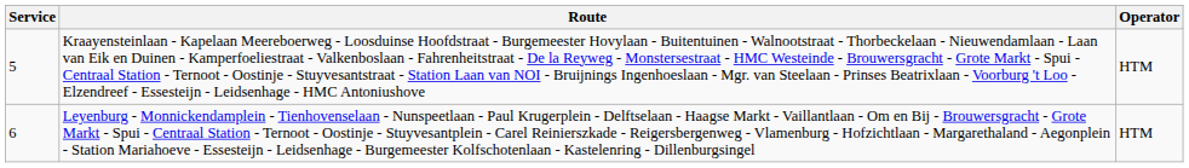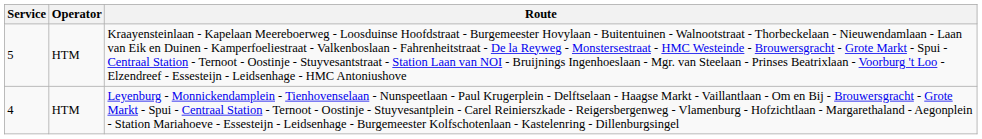 <table class="wikitable vatop">
 <tr>
 <th>Service</th>
+<th>Operator</th>
 <th>Route</th>
-<th>Operator</th>
 </tr>
 <tr>
 <td>5</td>
+<td>HTM</td>
 <td>Kraayensteinlaan - Kapelaan Meereboerweg - Loosduinse Hoofdstraat - Burgemeester Hovylaan - Buitentuinen - Walnootstraat - Thorbeckelaan - Nieuwendamlaan - Laan van Eik en Duinen - Kamperfoeliestraat - Valkenboslaan - Fahrenheitstraat - <a href='#'>De la Reyweg</a> - <a href='#'>Monstersestraat</a> - <a href='#'>HMC Westeinde</a> - <a href='#'>Brouwersgracht</a> - <a href='#'>Grote Markt</a> - Spui - <a href='#'>Centraal Station</a> - Ternoot - Oostinje - Stuyvesantstraat - <a href='#'>Station Laan van NOI</a> - Bruijnings Ingenhoeslaan - Mgr. van Steelaan - Prinses Beatrixlaan - <a href='#'>Voorburg 't Loo</a> - Elzendreef - Essesteijn - Leidsenhage - HMC Antoniushove</td>
-<td>HTM</td>
 </tr>
 <tr>
-<td>6</td>
+<td>4</td>
+<td>HTM</td>
 <td><a href='#'>Leyenburg</a> - <a href='#'>Monnickendamplein</a> - <a href='#'>Tienhovenselaan</a> - Nunspeetlaan - Paul Krugerplein - Delftselaan - Haagse Markt - Vaillantlaan - Om en Bij - <a href='#'>Brouwersgracht</a> - <a href='#'>Grote Markt</a> - Spui - <a href='#'>Centraal Station</a> - Ternoot - Oostinje - Stuyvesantplein - Carel Reinierszkade - Reigersbergenweg - Vlamenburg - Hofzichtlaan - Margarethaland - Aegonplein - Station Mariahoeve - Essesteijn - Leidsenhage - Burgemeester Kolfschotenlaan - Kastelenring - Dillenburgsingel</td>
-<td>HTM</td>
 </tr>
 </table>
